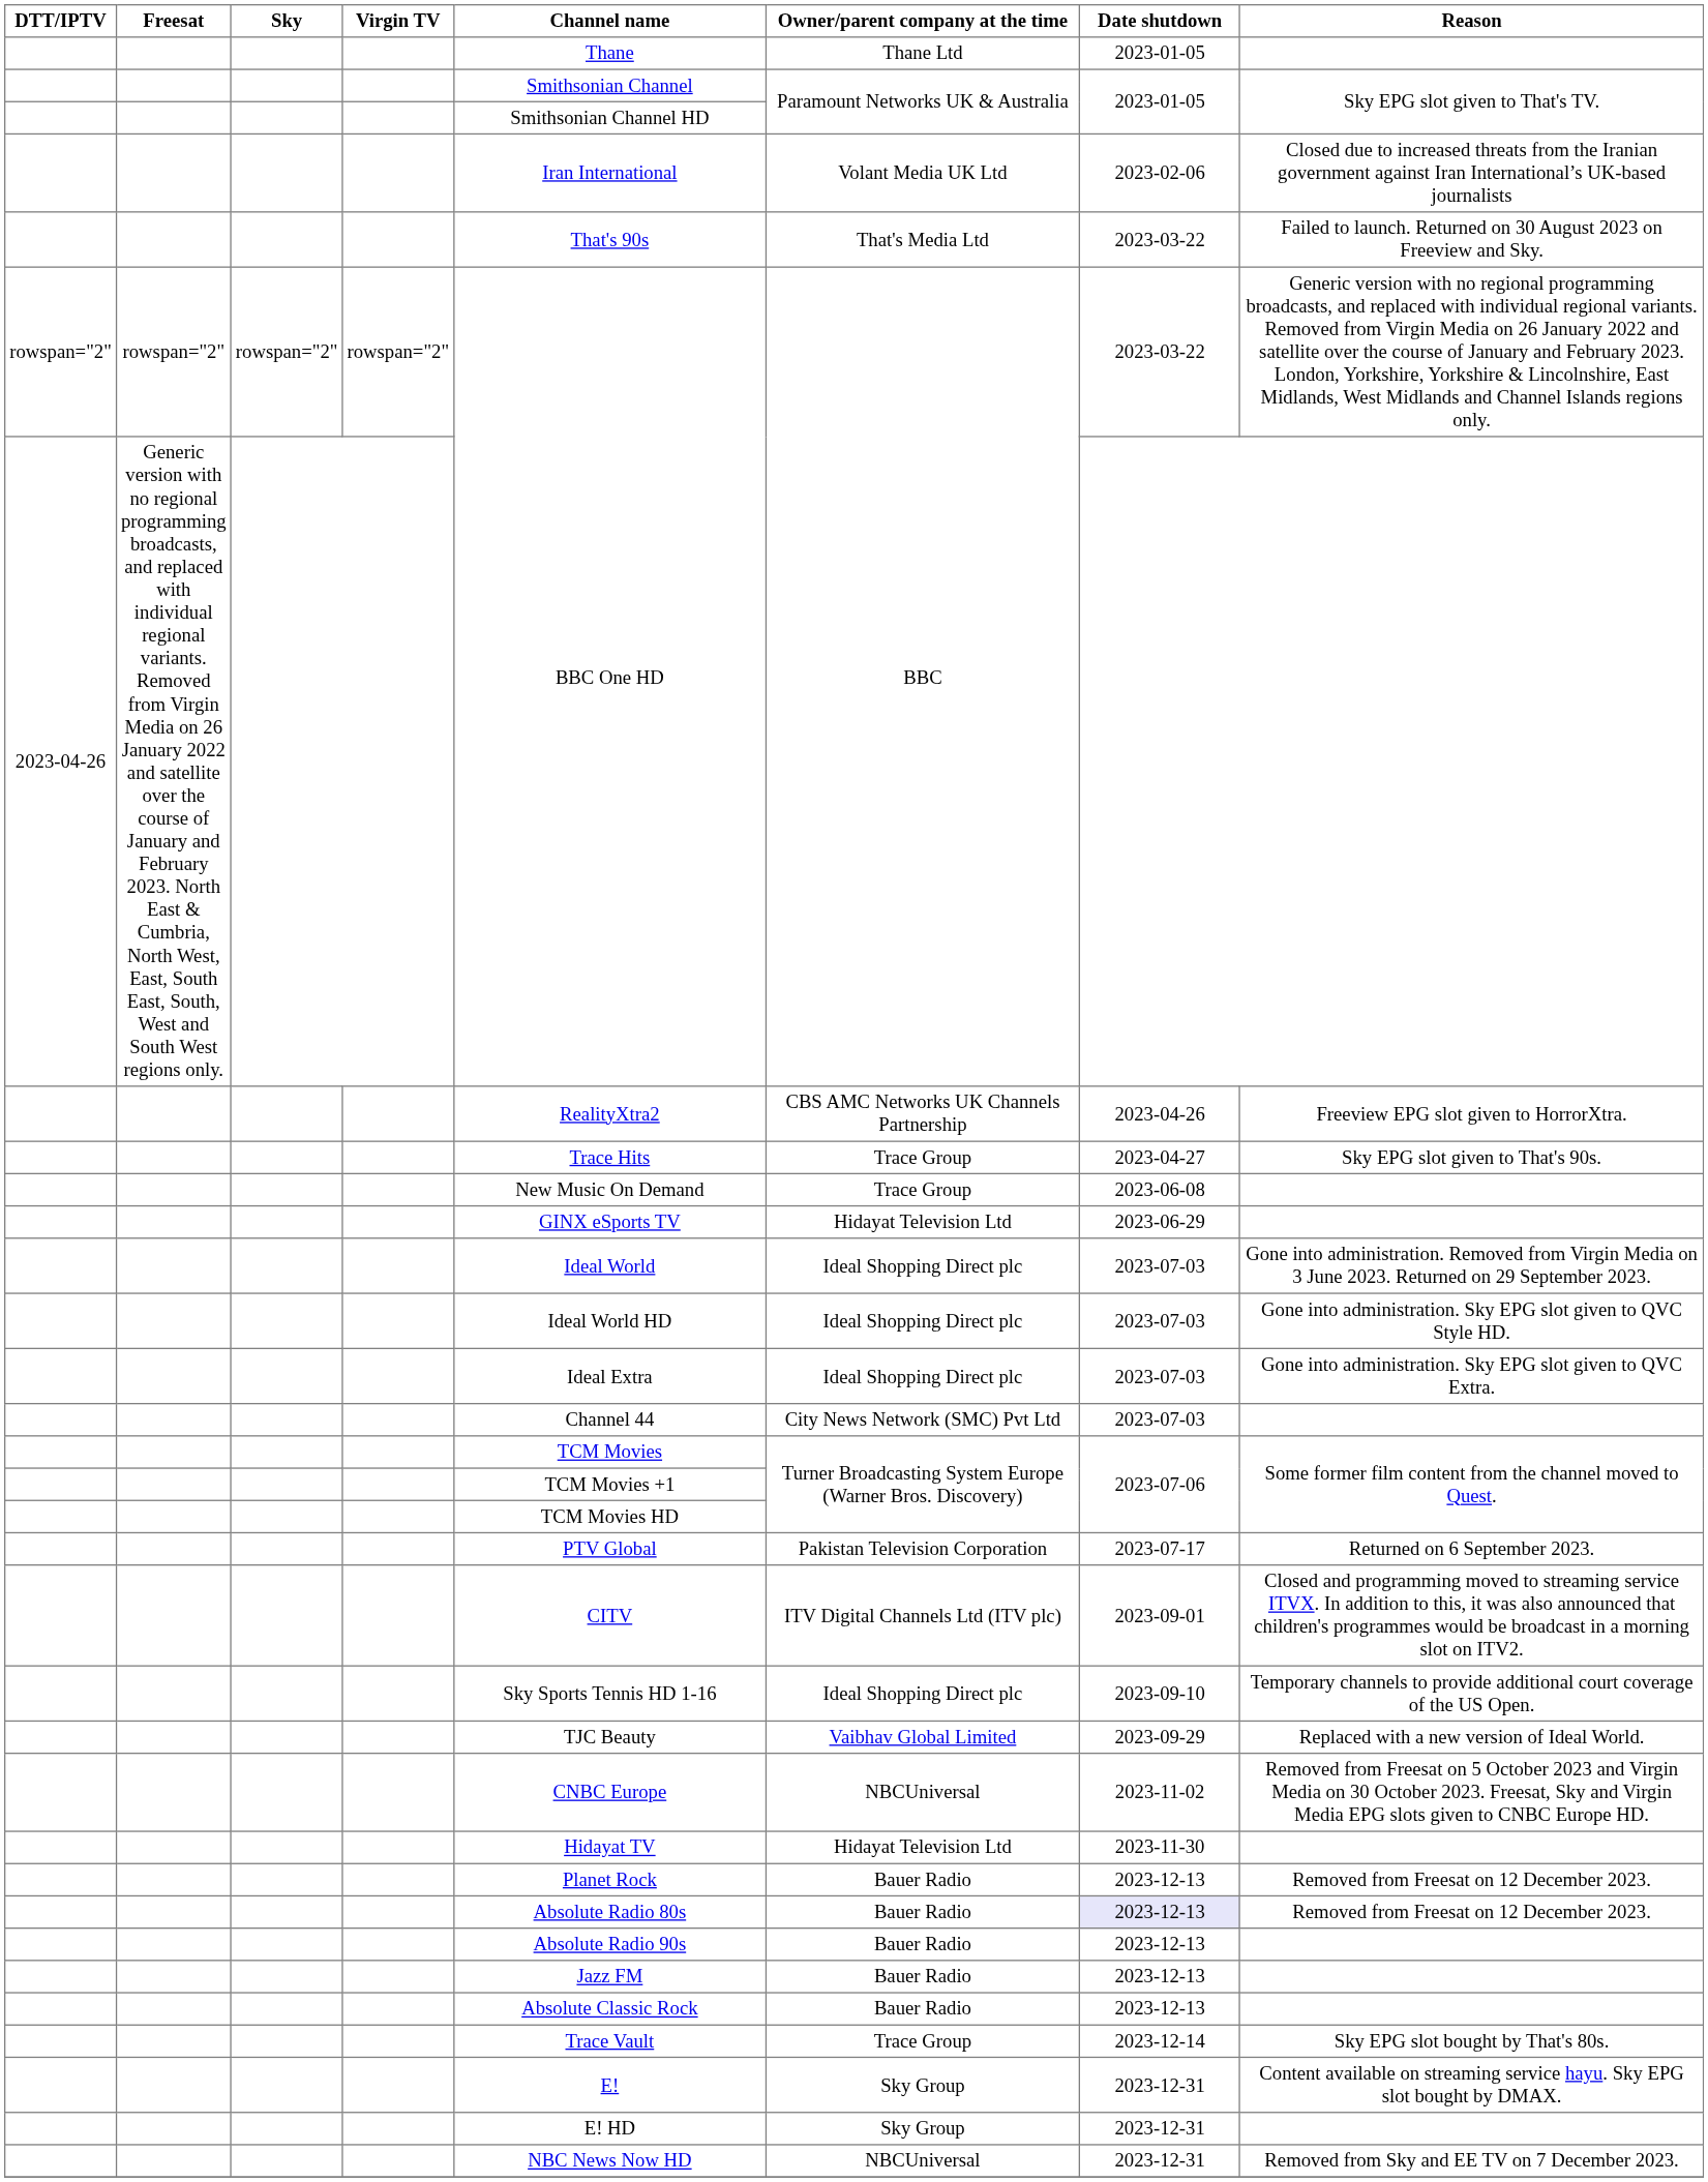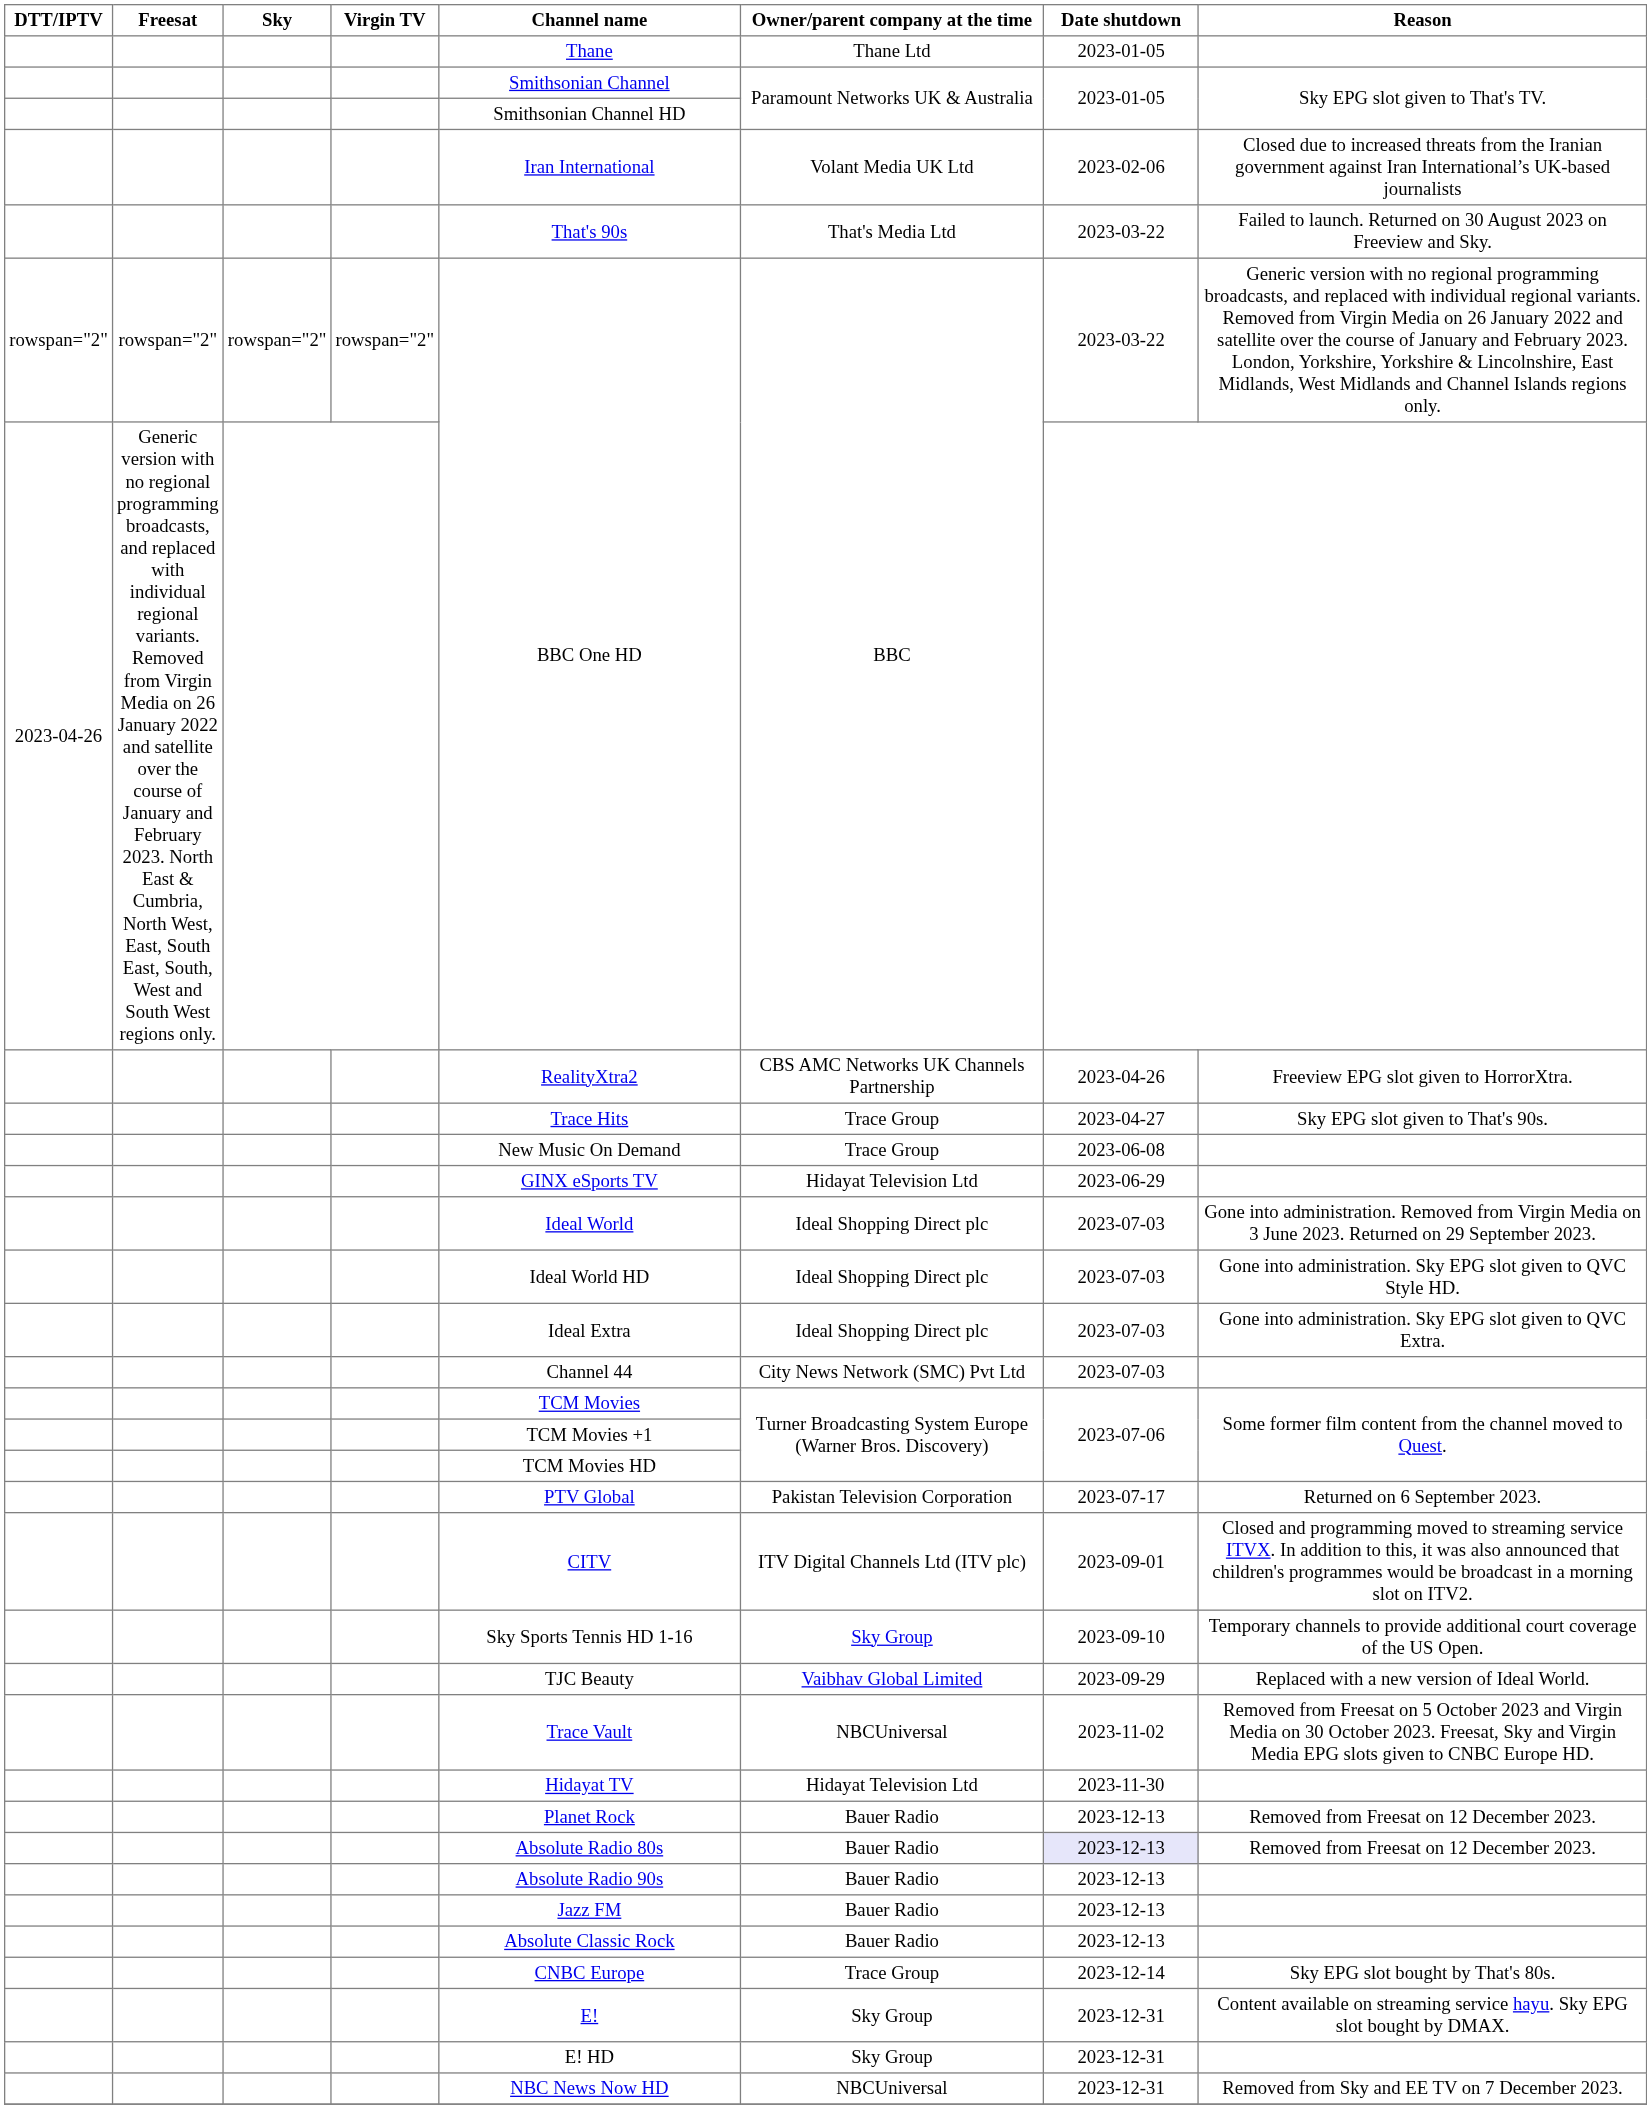 <table class="toccolors sortable" border="1" cellpadding="3" style="border-collapse:collapse; font-size: 90%; text-align:center" width="100%">
 <tr>
 <th width="5%">DTT/IPTV</th>
 <th width="5%">Freesat</th>
 <th width="5%">Sky</th>
 <th width="5%">Virgin TV</th>
 <th width="20%">Channel name</th>
 <th width="20%">Owner/parent company at the time</th>
 <th width="10%">Date shutdown </th>
 <th width="30%">Reason</th>
 </tr>
 <tr>
 <td></td>
 <td></td>
 <td></td>
 <td></td>
 <td><a href='#'>Thane</a></td>
 <td>Thane Ltd</td>
 <td>2023-01-05</td>
 <td></td>
 </tr>
 <tr>
 <td></td>
 <td></td>
 <td></td>
 <td></td>
 <td><a href='#'>Smithsonian Channel</a></td>
 <td rowspan="2">Paramount Networks UK & Australia</td>
 <td rowspan="2">2023-01-05</td>
 <td rowspan="2">Sky EPG slot given to That's TV.</td>
 </tr>
 <tr>
 <td></td>
 <td></td>
 <td></td>
 <td></td>
 <td>Smithsonian Channel HD</td>
 </tr>
 <tr>
 <td></td>
 <td></td>
 <td></td>
 <td></td>
 <td><a href='#'>Iran International</a></td>
 <td>Volant Media UK Ltd</td>
 <td>2023-02-06</td>
 <td>Closed due to increased threats from the Iranian government against Iran International’s UK-based journalists</td>
 </tr>
 <tr>
 <td></td>
 <td></td>
 <td></td>
 <td></td>
 <td><a href='#'>That's 90s</a></td>
 <td>That's Media Ltd</td>
 <td>2023-03-22</td>
 <td>Failed to launch. Returned on 30 August 2023 on Freeview and Sky.</td>
 </tr>
 <tr>
 <td>rowspan="2" </td>
 <td>rowspan="2" </td>
 <td>rowspan="2" </td>
 <td>rowspan="2" </td>
 <td rowspan="2">BBC One HD</td>
 <td rowspan="2">BBC</td>
 <td>2023-03-22</td>
 <td>Generic version with no regional programming broadcasts, and replaced with individual regional variants. Removed from Virgin Media on 26 January 2022 and satellite over the course of January and February 2023. London, Yorkshire, Yorkshire & Lincolnshire, East Midlands, West Midlands and Channel Islands regions only.</td>
 </tr>
 <tr>
 <td>2023-04-26</td>
 <td>Generic version with no regional programming broadcasts, and replaced with individual regional variants. Removed from Virgin Media on 26 January 2022 and satellite over the course of January and February 2023. North East & Cumbria, North West, East, South East, South, West and South West regions only.</td>
 </tr>
 <tr>
 <td></td>
 <td></td>
 <td></td>
 <td></td>
 <td><a href='#'>RealityXtra2</a></td>
 <td>CBS AMC Networks UK Channels Partnership</td>
 <td>2023-04-26</td>
 <td>Freeview EPG slot given to HorrorXtra.</td>
 </tr>
 <tr>
 <td></td>
 <td></td>
 <td></td>
 <td></td>
 <td><a href='#'>Trace Hits</a></td>
 <td>Trace Group</td>
 <td>2023-04-27</td>
 <td>Sky EPG slot given to That's 90s.</td>
 </tr>
 <tr>
 <td></td>
 <td></td>
 <td></td>
 <td></td>
 <td>New Music On Demand</td>
 <td>Trace Group</td>
 <td>2023-06-08</td>
 <td></td>
 </tr>
 <tr>
 <td></td>
 <td></td>
 <td></td>
 <td></td>
 <td><a href='#'>GINX eSports TV</a></td>
 <td>Hidayat Television Ltd</td>
 <td>2023-06-29</td>
 <td></td>
 </tr>
 <tr>
 <td></td>
 <td></td>
 <td></td>
 <td></td>
 <td><a href='#'>Ideal World</a></td>
 <td>Ideal Shopping Direct plc</td>
 <td>2023-07-03</td>
 <td>Gone into administration. Removed from Virgin Media on 3 June 2023. Returned on 29 September 2023.</td>
 </tr>
 <tr>
 <td></td>
 <td></td>
 <td></td>
 <td></td>
 <td>Ideal World HD</td>
 <td>Ideal Shopping Direct plc</td>
 <td>2023-07-03</td>
 <td>Gone into administration. Sky EPG slot given to QVC Style HD.</td>
 </tr>
 <tr>
 <td></td>
 <td></td>
 <td></td>
 <td></td>
 <td>Ideal Extra</td>
 <td>Ideal Shopping Direct plc</td>
 <td>2023-07-03</td>
 <td>Gone into administration. Sky EPG slot given to QVC Extra.</td>
 </tr>
 <tr>
 <td></td>
 <td></td>
 <td></td>
 <td></td>
 <td>Channel 44</td>
 <td>City News Network (SMC) Pvt Ltd</td>
 <td>2023-07-03</td>
 <td></td>
 </tr>
 <tr>
 <td></td>
 <td></td>
 <td></td>
 <td></td>
 <td><a href='#'>TCM Movies</a></td>
 <td rowspan="3">Turner Broadcasting System Europe (Warner Bros. Discovery)</td>
 <td rowspan="3">2023-07-06</td>
 <td rowspan="3">Some former film content from the channel moved to <a href='#'>Quest</a>.</td>
 </tr>
 <tr>
 <td></td>
 <td></td>
 <td></td>
 <td></td>
 <td>TCM Movies +1</td>
 </tr>
 <tr>
 <td></td>
 <td></td>
 <td></td>
 <td></td>
 <td>TCM Movies HD</td>
 </tr>
 <tr>
 <td></td>
 <td></td>
 <td></td>
 <td></td>
 <td><a href='#'>PTV Global</a></td>
 <td>Pakistan Television Corporation</td>
 <td>2023-07-17</td>
 <td>Returned on 6 September 2023.</td>
 </tr>
 <tr>
 <td></td>
 <td></td>
 <td></td>
 <td></td>
 <td><a href='#'>CITV</a></td>
 <td>ITV Digital Channels Ltd (ITV plc)</td>
 <td>2023-09-01</td>
 <td>Closed and programming moved to streaming service <a href='#'>ITVX</a>. In addition to this, it was also announced that children's programmes would be broadcast in a morning slot on ITV2.</td>
 </tr>
 <tr>
 <td></td>
 <td></td>
 <td></td>
 <td></td>
 <td>Sky Sports Tennis HD 1-16</td>
-<td>Ideal Shopping Direct plc</td>
+<td><a href='#'>Sky Group</a></td>
 <td>2023-09-10</td>
 <td>Temporary channels to provide additional court coverage of the US Open.</td>
 </tr>
 <tr>
 <td></td>
 <td></td>
 <td></td>
 <td></td>
 <td>TJC Beauty</td>
 <td><a href='#'>Vaibhav Global Limited</a></td>
 <td>2023-09-29</td>
 <td>Replaced with a new version of Ideal World.</td>
 </tr>
 <tr>
 <td></td>
 <td></td>
 <td></td>
 <td></td>
-<td><a href='#'>CNBC Europe</a></td>
+<td><a href='#'>Trace Vault</a></td>
 <td>NBCUniversal</td>
 <td>2023-11-02</td>
 <td>Removed from Freesat on 5 October 2023 and Virgin Media on 30 October 2023. Freesat, Sky and Virgin Media EPG slots given to CNBC Europe HD.</td>
 </tr>
 <tr>
 <td></td>
 <td></td>
 <td></td>
 <td></td>
 <td><a href='#'>Hidayat TV</a></td>
 <td>Hidayat Television Ltd</td>
 <td>2023-11-30</td>
 <td></td>
 </tr>
 <tr>
 <td></td>
 <td></td>
 <td></td>
 <td></td>
 <td><a href='#'>Planet Rock</a></td>
 <td>Bauer Radio</td>
 <td>2023-12-13</td>
 <td>Removed from Freesat on 12 December 2023.</td>
 </tr>
 <tr>
 <td></td>
 <td></td>
 <td></td>
 <td></td>
 <td><a href='#'>Absolute Radio 80s</a></td>
 <td>Bauer Radio</td>
 <td style="background: lavender;">2023-12-13</td>
 <td>Removed from Freesat on 12 December 2023.</td>
 </tr>
 <tr>
 <td></td>
 <td></td>
 <td></td>
 <td></td>
 <td><a href='#'>Absolute Radio 90s</a></td>
 <td>Bauer Radio</td>
 <td>2023-12-13</td>
 <td></td>
 </tr>
 <tr>
 <td></td>
 <td></td>
 <td></td>
 <td></td>
 <td><a href='#'>Jazz FM</a></td>
 <td>Bauer Radio</td>
 <td>2023-12-13</td>
 <td></td>
 </tr>
 <tr>
 <td></td>
 <td></td>
 <td></td>
 <td></td>
 <td><a href='#'>Absolute Classic Rock</a></td>
 <td>Bauer Radio</td>
 <td>2023-12-13</td>
 <td></td>
 </tr>
 <tr>
 <td></td>
 <td></td>
 <td></td>
 <td></td>
-<td><a href='#'>Trace Vault</a></td>
+<td><a href='#'>CNBC Europe</a></td>
 <td>Trace Group</td>
 <td>2023-12-14</td>
 <td>Sky EPG slot bought by That's 80s.</td>
 </tr>
 <tr>
 <td></td>
 <td></td>
 <td></td>
 <td></td>
 <td><a href='#'>E!</a></td>
 <td>Sky Group</td>
 <td>2023-12-31</td>
 <td>Content available on streaming service <a href='#'>hayu</a>. Sky EPG slot bought by DMAX.</td>
 </tr>
 <tr>
 <td></td>
 <td></td>
 <td></td>
 <td></td>
 <td>E! HD</td>
 <td>Sky Group</td>
 <td>2023-12-31</td>
 <td></td>
 </tr>
 <tr>
 <td></td>
 <td></td>
 <td></td>
 <td></td>
 <td><a href='#'>NBC News Now HD</a></td>
 <td>NBCUniversal</td>
 <td>2023-12-31</td>
 <td>Removed from Sky and EE TV on 7 December 2023.</td>
 </tr>
 <tr>
 </tr>
 </table>
